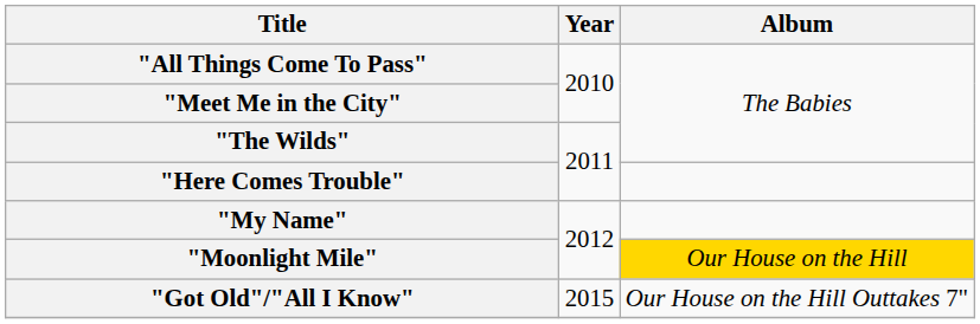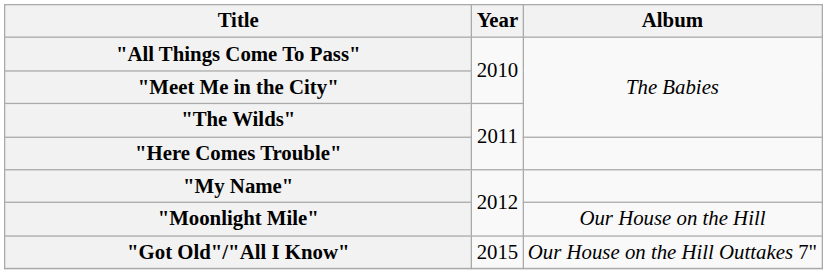 <table class="wikitable plainrowheaders" style="text-align:center;">
 <tr>
 <th scope="col" style="width:22em;">Title</th>
 <th scope="col">Year</th>
 <th scope="col">Album</th>
 </tr>
 <tr>
 <th scope="row">"All Things Come To Pass"</th>
 <td rowspan=2>2010</td>
 <td rowspan=3><em>The Babies</em></td>
 </tr>
 <tr>
 <th scope="row">"Meet Me in the City"</th>
 </tr>
 <tr>
 <th scope="row">"The Wilds"</th>
 <td rowspan=2>2011</td>
 </tr>
 <tr>
 <th scope="row">"Here Comes Trouble"</th>
 <td></td>
 </tr>
 <tr>
 <th scope="row">"My Name"</th>
 <td rowspan=2>2012</td>
 <td></td>
 </tr>
 <tr>
 <th scope="row">"Moonlight Mile"</th>
-<td rowspan=1 style="background: gold;"><em>Our House on the Hill</em></td>
+<td rowspan=1><em>Our House on the Hill</em></td>
 </tr>
 <tr>
 <th scope="row">"Got Old"/"All I Know"</th>
 <td>2015</td>
 <td><em>Our House on the Hill Outtakes</em> 7"</td>
 </tr>
 <tr>
 </tr>
 </table>
